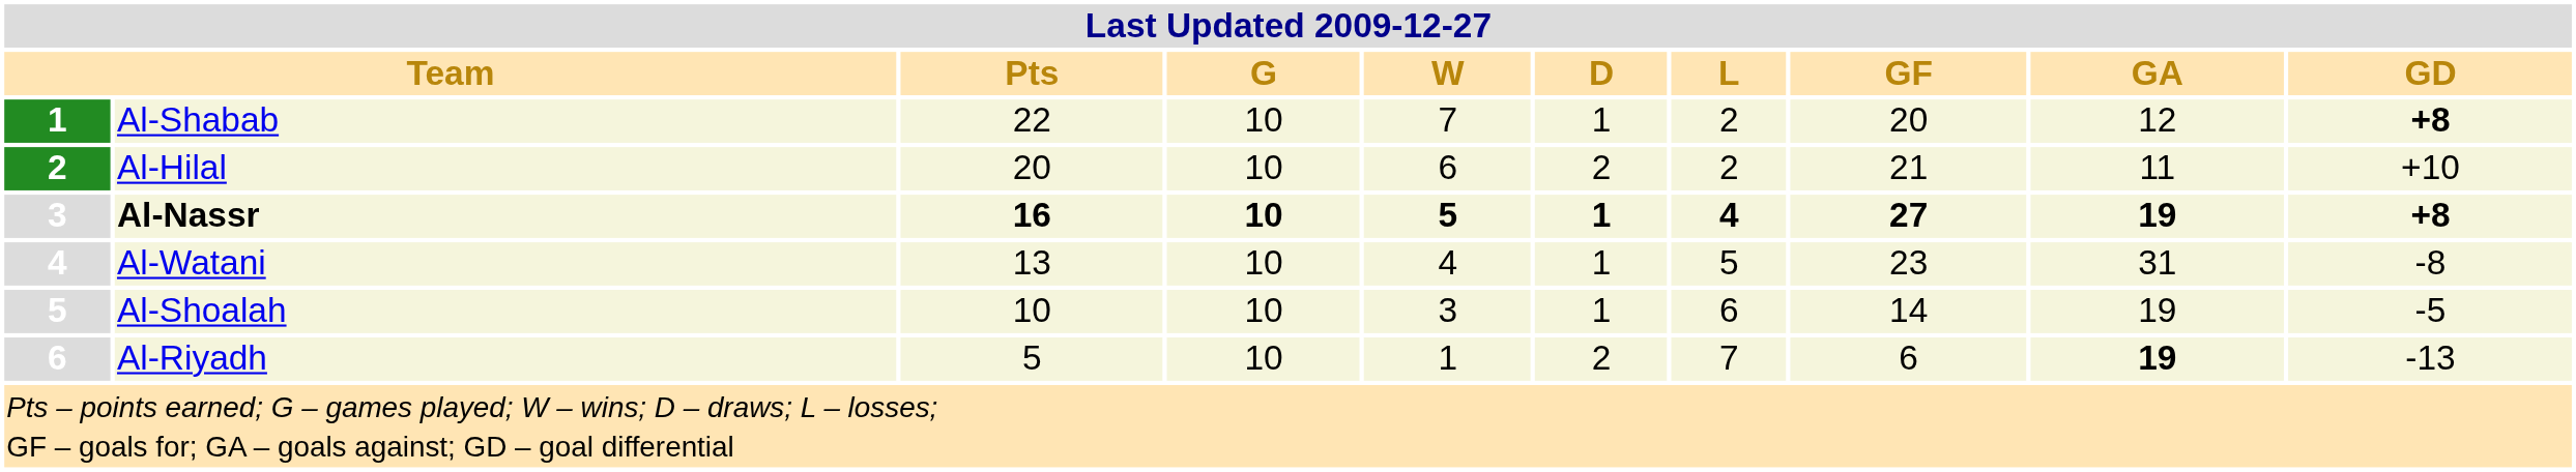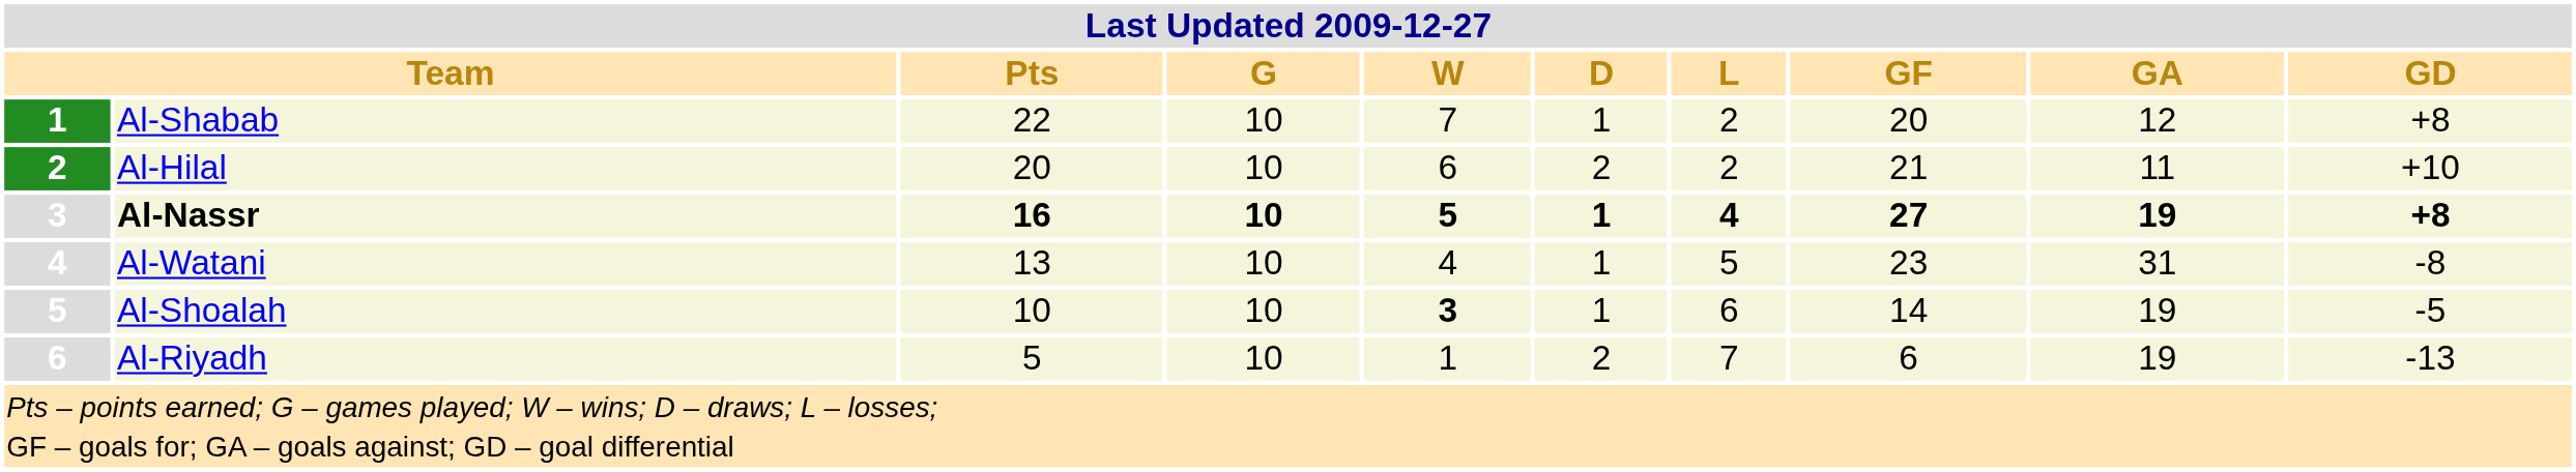 <table width=60%>
 <tr>
 <th colspan="10" bgcolor=#DCDCDC style="color:#00008B;">Last Updated 2009-12-27</th>
 </tr>
 <tr>
 <th colspan="2" bgcolor=#ffe5b4 style="color:#B8860B;">Team</th>
 <th bgcolor=#ffe5b4 align="center" style="color:#B8860B;">Pts</th>
 <th bgcolor=#ffe5b4 align="center" style="color:#B8860B;">G</th>
 <th bgcolor=#ffe5b4 align="center" style="color:#B8860B;">W</th>
 <th bgcolor=#ffe5b4 align="center" style="color:#B8860B;">D</th>
 <th bgcolor=#ffe5b4 align="center" style="color:#B8860B;">L</th>
 <th bgcolor=#ffe5b4 align="center" style="color:#B8860B;">GF</th>
 <th bgcolor=#ffe5b4 align="center" style="color:#B8860B;">GA</th>
 <th bgcolor=#ffe5b4 align="center" style="color:#B8860B;">GD</th>
 </tr>
 <tr>
 <th bgcolor=#228B22 align="center" style="color:white;">1</th>
 <td bgcolor=#f5f5dc><a href='#'>Al-Shabab</a></td>
 <td bgcolor=#f5f5dc align="center">22</td>
 <td bgcolor=#f5f5dc align="center">10</td>
 <td bgcolor=#f5f5dc align="center">7</td>
 <td bgcolor=#f5f5dc align="center">1</td>
 <td bgcolor=#f5f5dc align="center">2</td>
 <td bgcolor=#f5f5dc align="center">20</td>
 <td bgcolor=#f5f5dc align="center">12</td>
-<td bgcolor=#f5f5dc align="center"><strong>+8</strong></td>
+<td bgcolor=#f5f5dc align="center">+8</td>
 </tr>
 <tr>
 <th bgcolor=#228B22 align="center" style="color:white;">2</th>
 <td bgcolor=#f5f5dc><a href='#'>Al-Hilal</a></td>
 <td bgcolor=#f5f5dc align="center">20</td>
 <td bgcolor=#f5f5dc align="center">10</td>
 <td bgcolor=#f5f5dc align="center">6</td>
 <td bgcolor=#f5f5dc align="center">2</td>
 <td bgcolor=#f5f5dc align="center">2</td>
 <td bgcolor=#f5f5dc align="center">21</td>
 <td bgcolor=#f5f5dc align="center">11</td>
 <td bgcolor=#f5f5dc align="center">+10</td>
 </tr>
 <tr>
 <th bgcolor=#DCDCDC align="center" style="color:white;">3</th>
 <td bgcolor=#f5f5dc><strong>Al-Nassr</strong></td>
 <td bgcolor=#f5f5dc align="center"><strong>16</strong></td>
 <td bgcolor=#f5f5dc align="center"><strong>10</strong></td>
 <td bgcolor=#f5f5dc align="center"><strong>5</strong></td>
 <td bgcolor=#f5f5dc align="center"><strong>1</strong></td>
 <td bgcolor=#f5f5dc align="center"><strong>4</strong></td>
 <td bgcolor=#f5f5dc align="center"><strong>27</strong></td>
 <td bgcolor=#f5f5dc align="center"><strong>19</strong></td>
 <td bgcolor=#f5f5dc align="center"><strong>+8</strong></td>
 </tr>
 <tr>
 <th bgcolor=#DCDCDC align="center" style="color:white;">4</th>
 <td bgcolor=#f5f5dc><a href='#'>Al-Watani</a></td>
 <td bgcolor=#f5f5dc align="center">13</td>
 <td bgcolor=#f5f5dc align="center">10</td>
 <td bgcolor=#f5f5dc align="center">4</td>
 <td bgcolor=#f5f5dc align="center">1</td>
 <td bgcolor=#f5f5dc align="center">5</td>
 <td bgcolor=#f5f5dc align="center">23</td>
 <td bgcolor=#f5f5dc align="center">31</td>
 <td bgcolor=#f5f5dc align="center">-8</td>
 </tr>
 <tr>
 <th bgcolor=#DCDCDC align="center" style="color:white;">5</th>
 <td bgcolor=#f5f5dc><a href='#'>Al-Shoalah</a></td>
 <td bgcolor=#f5f5dc align="center">10</td>
 <td bgcolor=#f5f5dc align="center">10</td>
-<td bgcolor=#f5f5dc align="center">3</td>
+<td bgcolor=#f5f5dc align="center"><strong>3</strong></td>
 <td bgcolor=#f5f5dc align="center">1</td>
 <td bgcolor=#f5f5dc align="center">6</td>
 <td bgcolor=#f5f5dc align="center">14</td>
 <td bgcolor=#f5f5dc align="center">19</td>
 <td bgcolor=#f5f5dc align="center">-5</td>
 </tr>
 <tr>
 <th bgcolor=#DCDCDC align="center" style="color:white;">6</th>
 <td bgcolor=#f5f5dc><a href='#'>Al-Riyadh</a></td>
 <td bgcolor=#f5f5dc align="center">5</td>
 <td bgcolor=#f5f5dc align="center">10</td>
 <td bgcolor=#f5f5dc align="center">1</td>
 <td bgcolor=#f5f5dc align="center">2</td>
 <td bgcolor=#f5f5dc align="center">7</td>
 <td bgcolor=#f5f5dc align="center">6</td>
-<td bgcolor=#f5f5dc align="center"><strong>19</strong></td>
+<td bgcolor=#f5f5dc align="center">19</td>
 <td bgcolor=#f5f5dc align="center">-13</td>
 </tr>
 <tr bgcolor=#ffe5b4>
 <td colspan="10"><small><em>Pts – points earned; G – games played; W – wins; D – draws; L – losses;<br> </em>GF – goals for; GA – goals against; GD – goal differential</small></td>
 </tr>
 </table>
